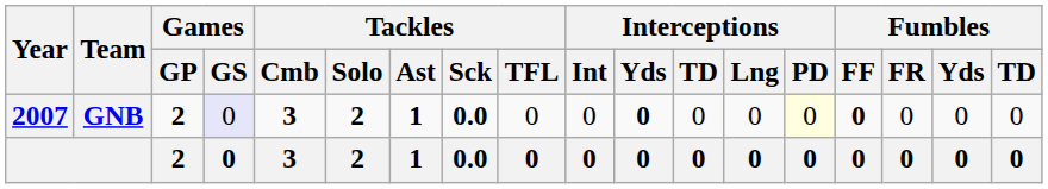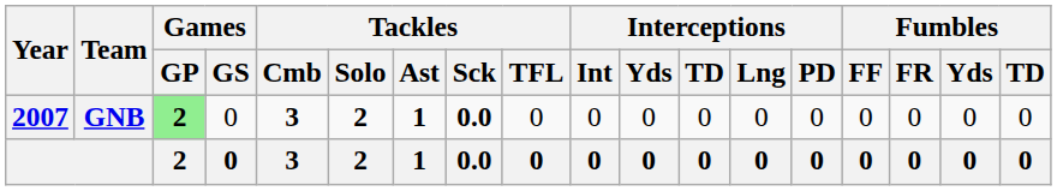 <table class="wikitable" style="text-align:center">
 <tr>
 <th rowspan="2">Year</th>
 <th rowspan="2">Team</th>
 <th colspan="2">Games</th>
 <th colspan="5">Tackles</th>
 <th colspan="5">Interceptions</th>
 <th colspan="4">Fumbles</th>
 </tr>
 <tr>
 <th>GP</th>
 <th>GS</th>
 <th>Cmb</th>
 <th>Solo</th>
 <th>Ast</th>
 <th>Sck</th>
 <th>TFL</th>
 <th>Int</th>
 <th>Yds</th>
 <th>TD</th>
 <th>Lng</th>
 <th>PD</th>
 <th>FF</th>
 <th>FR</th>
 <th>Yds</th>
 <th>TD</th>
 </tr>
 <tr>
 <th><a href='#'>2007</a></th>
 <th><a href='#'>GNB</a></th>
-<td><strong>2</strong></td>
-<td style="background: lavender;">0</td>
+<td style="background: lightgreen;"><strong>2</strong></td>
+<td>0</td>
 <td><strong>3</strong></td>
 <td><strong>2</strong></td>
 <td><strong>1</strong></td>
 <td><strong>0.0</strong></td>
 <td>0</td>
 <td>0</td>
-<td><strong>0</strong></td>
 <td>0</td>
 <td>0</td>
-<td style="background: lightyellow;">0</td>
-<td><strong>0</strong></td>
+<td>0</td>
+<td>0</td>
+<td>0</td>
 <td>0</td>
 <td>0</td>
 <td>0</td>
 </tr>
 <tr>
 <th colspan="2"></th>
 <th>2</th>
 <th>0</th>
 <th>3</th>
 <th>2</th>
 <th>1</th>
 <th>0.0</th>
 <th>0</th>
 <th>0</th>
 <th>0</th>
 <th>0</th>
 <th>0</th>
 <th>0</th>
 <th>0</th>
 <th>0</th>
 <th>0</th>
 <th>0</th>
 </tr>
 </table>
